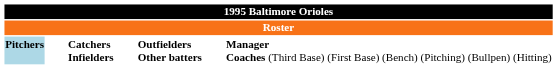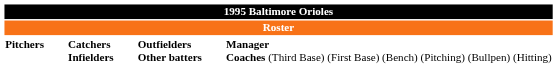 <table class="toccolours" style="font-size: 95%;">
 <tr>
 <th colspan="10" style="background-color: black; color: #FFFFFF; text-align: center;">1995 Baltimore Orioles</th>
 </tr>
 <tr>
 <td colspan="10" style="background-color: #F87217; color: white; text-align: center;"><strong>Roster</strong></td>
 </tr>
 <tr>
-<td valign="top" style="background: lightblue;"><strong>Pitchers</strong><br>                      </td>
+<td valign="top"><strong>Pitchers</strong><br>                      </td>
 <td width="25px"></td>
 <td valign="top"><strong>Catchers</strong><br>    <strong>Infielders</strong>        </td>
 <td width="25px"></td>
 <td valign="top"><strong>Outfielders</strong><br>          <strong>Other batters</strong> </td>
 <td width="25px"></td>
 <td valign="top"><strong>Manager</strong><br> <strong>Coaches</strong>  (Third Base)  (First Base)  (Bench)  (Pitching)  (Bullpen)  (Hitting)</td>
 </tr>
 </table>
